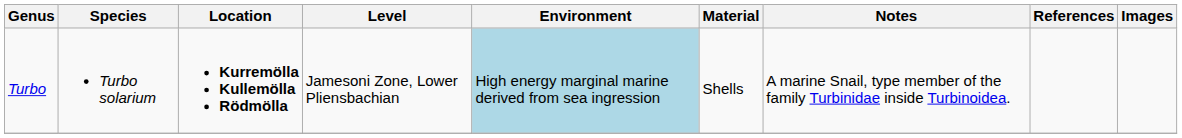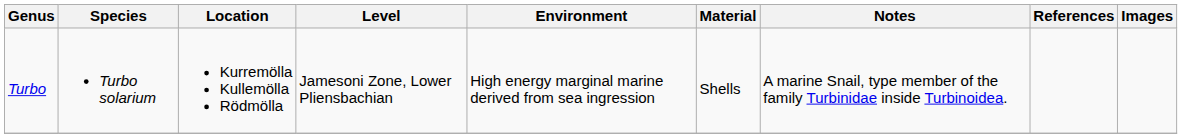 <table class = "wikitable">
 <tr>
 <th>Genus</th>
 <th>Species</th>
 <th>Location</th>
 <th>Level</th>
 <th>Environment</th>
 <th>Material</th>
 <th>Notes</th>
 <th>References</th>
 <th>Images</th>
 </tr>
 <tr>
 <td><br><em><a href='#'>Turbo</a></em></td>
 <td><br><ul><li><em>Turbo solarium</em></li></ul></td>
-<td><strong><br><ul><li>Kurremölla</li><li>Kullemölla</li><li>Rödmölla</li></ul></strong></td>
+<td><br><ul><li>Kurremölla</li><li>Kullemölla</li><li>Rödmölla</li></ul></td>
 <td><br>Jamesoni Zone, Lower Pliensbachian</td>
-<td style="background: lightblue;"><br>High energy marginal marine derived from sea ingression</td>
+<td><br>High energy marginal marine derived from sea ingression</td>
 <td><br>Shells</td>
 <td><br>A marine Snail, type member of the family <a href='#'>Turbinidae</a> inside <a href='#'>Turbinoidea</a>.</td>
 <td><br></td>
 <td><br></td>
 </tr>
 <tr>
 </tr>
 </table>
